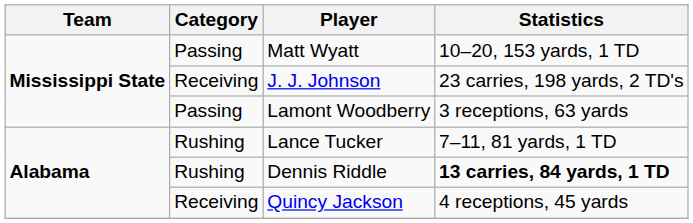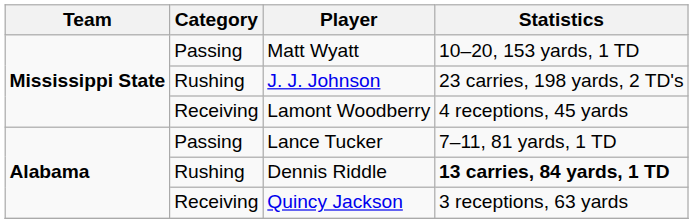 <table class="wikitable" style="float: right;">
 <tr>
 <th>Team</th>
 <th>Category</th>
 <th>Player</th>
 <th>Statistics</th>
 </tr>
 <tr>
 <td rowspan=3><strong>Mississippi State</strong></td>
 <td>Passing</td>
 <td>Matt Wyatt</td>
 <td>10–20, 153 yards, 1 TD</td>
 </tr>
 <tr>
-<td>Receiving</td>
+<td>Rushing</td>
 <td><a href='#'>J. J. Johnson</a></td>
 <td>23 carries, 198 yards, 2 TD's</td>
 </tr>
 <tr>
-<td>Passing</td>
+<td>Receiving</td>
 <td>Lamont Woodberry</td>
-<td>3 receptions, 63 yards</td>
+<td>4 receptions, 45 yards</td>
 </tr>
 <tr>
 <td rowspan=3><strong>Alabama</strong></td>
-<td>Rushing</td>
+<td>Passing</td>
 <td>Lance Tucker</td>
 <td>7–11, 81 yards, 1 TD</td>
 </tr>
 <tr>
 <td>Rushing</td>
 <td>Dennis Riddle</td>
 <td><strong>13 carries, 84 yards, 1 TD</strong></td>
 </tr>
 <tr>
 <td>Receiving</td>
 <td><a href='#'>Quincy Jackson</a></td>
-<td>4 receptions, 45 yards</td>
+<td>3 receptions, 63 yards</td>
 </tr>
 <tr>
 </tr>
 </table>
